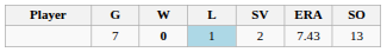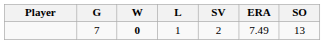 <table class="wikitable sortable">
 <tr>
 <th bgcolor="#DDDDFF" width="16%">Player</th>
 <th bgcolor="#DDDDFF" width="9%">G</th>
 <th bgcolor="#DDDDFF" width="9%">W</th>
 <th bgcolor="#DDDDFF" width="9%">L</th>
 <th bgcolor="#DDDDFF" width="9%">SV</th>
 <th bgcolor="#DDDDFF" width="9%">ERA</th>
 <th bgcolor="#DDDDFF" width="9%">SO</th>
 </tr>
 <tr align="center">
 <td></td>
 <td>7</td>
 <td><strong>0</strong></td>
-<td style="background: lightblue;">1</td>
+<td>1</td>
 <td>2</td>
-<td>7.43</td>
+<td>7.49</td>
 <td>13</td>
 </tr>
 </table>
